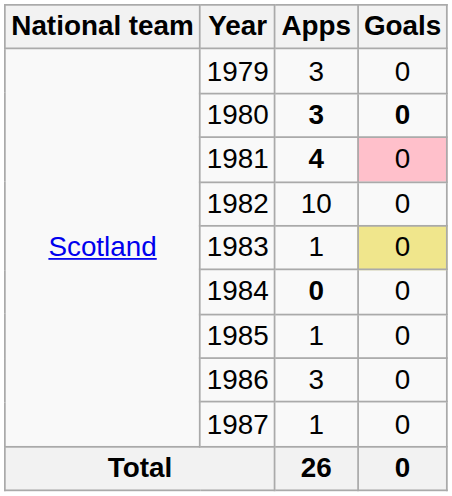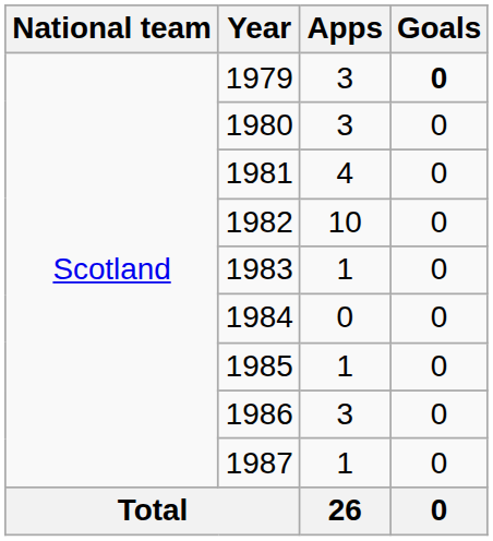 <table class="wikitable" style="text-align:center">
 <tr>
 <th>National team</th>
 <th>Year</th>
 <th>Apps</th>
 <th>Goals</th>
 </tr>
 <tr>
 <td rowspan="9"><a href='#'>Scotland</a></td>
 <td>1979</td>
 <td>3</td>
+<td><strong>0</strong></td>
+</tr>
+<tr>
+<td>1980</td>
+<td>3</td>
 <td>0</td>
 </tr>
 <tr>
-<td>1980</td>
-<td><strong>3</strong></td>
-<td><strong>0</strong></td>
-</tr>
-<tr>
 <td>1981</td>
-<td><strong>4</strong></td>
-<td style="background: pink;">0</td>
+<td>4</td>
+<td>0</td>
 </tr>
 <tr>
 <td>1982</td>
 <td>10</td>
 <td>0</td>
 </tr>
 <tr>
 <td>1983</td>
 <td>1</td>
-<td style="background: khaki;">0</td>
+<td>0</td>
 </tr>
 <tr>
 <td>1984</td>
-<td><strong>0</strong></td>
+<td>0</td>
 <td>0</td>
 </tr>
 <tr>
 <td>1985</td>
 <td>1</td>
 <td>0</td>
 </tr>
 <tr>
 <td>1986</td>
 <td>3</td>
 <td>0</td>
 </tr>
 <tr>
 <td>1987</td>
 <td>1</td>
 <td>0</td>
 </tr>
 <tr>
 <th colspan="2">Total</th>
 <th>26</th>
 <th>0</th>
 </tr>
 </table>
